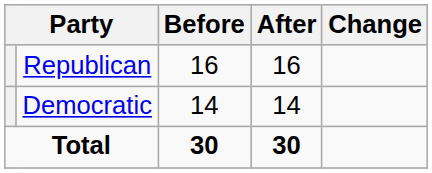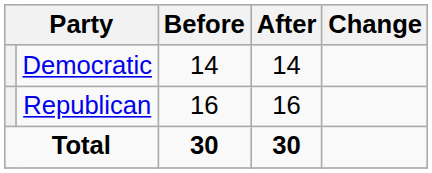 <table class="wikitable" style="text-align:center;">
 <tr>
 <th colspan=2>Party</th>
 <th>Before</th>
 <th>After</th>
 <th>Change</th>
 </tr>
 <tr>
 <th style="background-color:"></th>
-<td><a href='#'>Republican</a></td>
-<td>16</td>
-<td>16</td>
+<td><a href='#'>Democratic</a></td>
+<td>14</td>
+<td>14</td>
 <td></td>
 </tr>
 <tr>
 <th style="background-color:"></th>
-<td><a href='#'>Democratic</a></td>
-<td>14</td>
-<td>14</td>
+<td><a href='#'>Republican</a></td>
+<td>16</td>
+<td>16</td>
 <td></td>
 </tr>
 <tr>
 <td colspan=2><strong>Total</strong></td>
 <td><strong>30</strong></td>
 <td><strong>30</strong></td>
 <td></td>
 </tr>
 </table>
